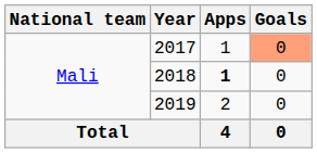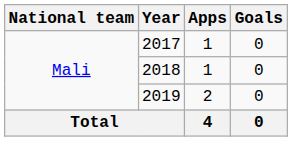 <table class="wikitable" style="text-align:center">
 <tr>
 <th>National team</th>
 <th>Year</th>
 <th>Apps</th>
 <th>Goals</th>
 </tr>
 <tr>
 <td rowspan="3"><a href='#'>Mali</a></td>
 <td>2017</td>
 <td>1</td>
-<td style="background: lightsalmon;">0</td>
+<td>0</td>
 </tr>
 <tr>
 <td>2018</td>
-<td><strong>1</strong></td>
+<td>1</td>
 <td>0</td>
 </tr>
 <tr>
 <td>2019</td>
 <td>2</td>
 <td>0</td>
 </tr>
 <tr>
 <th colspan="2">Total</th>
 <th>4</th>
 <th>0</th>
 </tr>
 </table>
